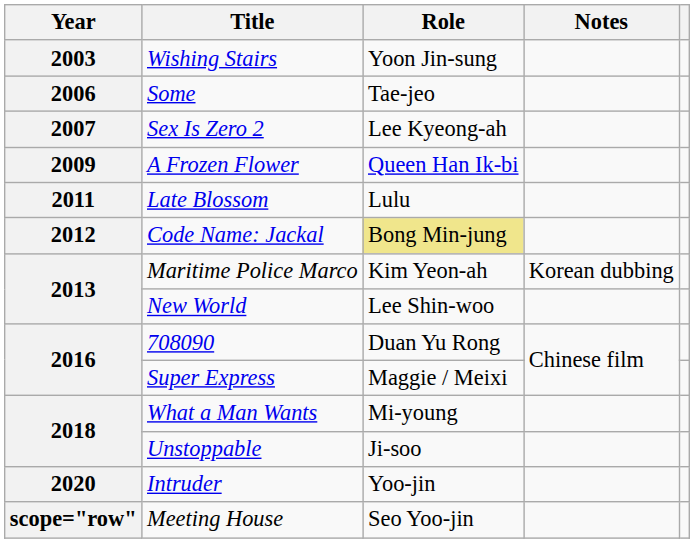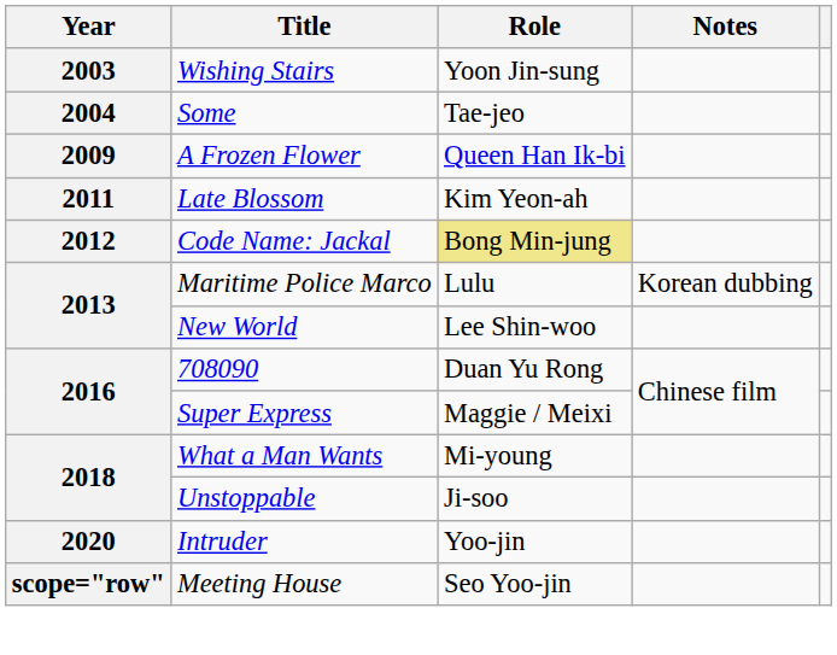 <table class="wikitable plainrowheaders sortable">
 <tr>
 <th scope="col">Year</th>
 <th scope="col">Title</th>
 <th scope="col">Role</th>
 <th scope="col">Notes</th>
 <th scope="col" class="unsortable"></th>
 </tr>
 <tr>
 <th scope="row">2003</th>
 <td><em><a href='#'>Wishing Stairs</a></em></td>
 <td>Yoon Jin-sung</td>
 <td></td>
 <td style="text-align:center"></td>
 </tr>
 <tr>
-<th scope="row">2006</th>
+<th scope="row">2004</th>
 <td><em><a href='#'>Some</a></em></td>
 <td>Tae-jeo</td>
-<td></td>
-<td style="text-align:center"></td>
-</tr>
-<tr>
-<th scope="row">2007</th>
-<td><em><a href='#'>Sex Is Zero 2</a></em></td>
-<td>Lee Kyeong-ah</td>
 <td></td>
 <td style="text-align:center"></td>
 </tr>
 <tr>
 <th scope="row">2009</th>
 <td><em><a href='#'>A Frozen Flower</a></em></td>
 <td><a href='#'>Queen Han Ik-bi</a></td>
 <td></td>
 <td style="text-align:center"></td>
 </tr>
 <tr>
 <th scope="row">2011</th>
 <td><em><a href='#'>Late Blossom</a></em></td>
-<td>Lulu</td>
+<td>Kim Yeon-ah</td>
 <td></td>
 <td style="text-align:center"></td>
 </tr>
 <tr>
 <th scope="row">2012</th>
 <td><em><a href='#'>Code Name: Jackal</a></em></td>
 <td style="background: khaki;">Bong Min-jung</td>
 <td></td>
 <td style="text-align:center"></td>
 </tr>
 <tr>
 <th scope="row" rowspan="2">2013</th>
 <td><em>Maritime Police Marco</em></td>
-<td>Kim Yeon-ah</td>
+<td>Lulu</td>
 <td>Korean dubbing</td>
 <td style="text-align:center"></td>
 </tr>
 <tr>
 <td><em><a href='#'>New World</a></em></td>
 <td>Lee Shin-woo</td>
 <td></td>
 <td style="text-align:center"></td>
 </tr>
 <tr>
 <th scope="row" rowspan="2">2016</th>
 <td><em><a href='#'>708090</a></em></td>
 <td>Duan Yu Rong</td>
 <td rowspan="2">Chinese film</td>
 <td style="text-align:center"></td>
 </tr>
 <tr>
 <td><em><a href='#'>Super Express</a></em></td>
 <td>Maggie / Meixi</td>
 <td style="text-align:center"></td>
 </tr>
 <tr>
 <th scope="row" rowspan="2">2018</th>
 <td><em><a href='#'>What a Man Wants</a></em></td>
 <td>Mi-young</td>
 <td></td>
 <td style="text-align:center"></td>
 </tr>
 <tr>
 <td><em><a href='#'>Unstoppable</a></em></td>
 <td>Ji-soo</td>
 <td></td>
 <td style="text-align:center"></td>
 </tr>
 <tr>
 <th scope="row">2020</th>
 <td><em><a href='#'>Intruder</a></em></td>
 <td>Yoo-jin</td>
 <td></td>
 <td style="text-align:center"></td>
 </tr>
 <tr>
 <th>scope="row" </th>
 <td><em>Meeting House</em></td>
 <td>Seo Yoo-jin</td>
 <td></td>
 <td style="text-align:center"></td>
 </tr>
 </table>
